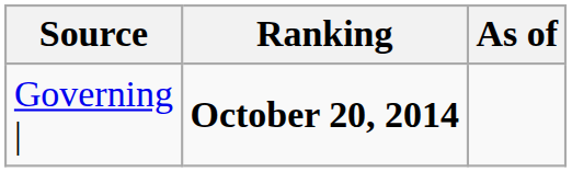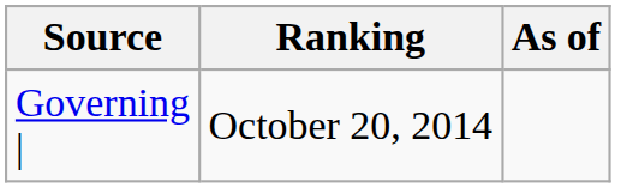 <table class="wikitable" style="text-align:center">
 <tr>
 <th>Source</th>
 <th>Ranking</th>
 <th>As of</th>
 </tr>
 <tr>
 <td style="text-align:left"><a href='#'>Governing</a><br>| </td>
-<td><strong>October 20, 2014</strong></td>
+<td>October 20, 2014</td>
 </tr>
 </table>
